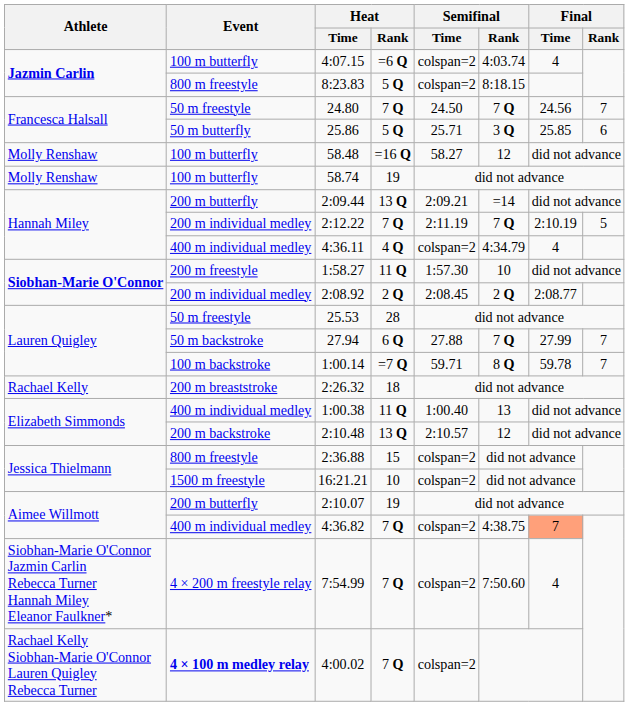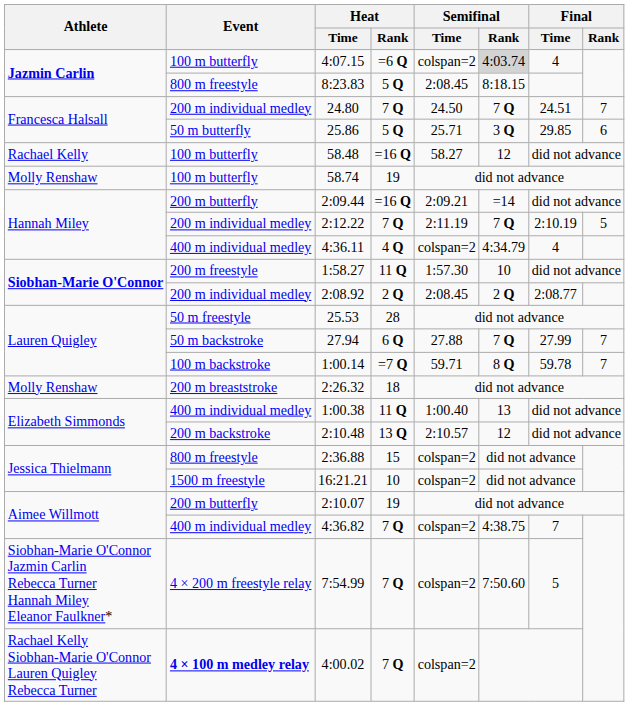 <table class=wikitable style="font-size:90%">
 <tr>
 <th rowspan="2">Athlete</th>
 <th rowspan="2">Event</th>
 <th colspan="2">Heat</th>
 <th colspan="2">Semifinal</th>
 <th colspan="2">Final</th>
 </tr>
 <tr style="font-size:95%">
 <th>Time</th>
 <th>Rank</th>
 <th>Time</th>
 <th>Rank</th>
 <th>Time</th>
 <th>Rank</th>
 </tr>
 <tr align=center>
 <td align=left rowspan=2><strong><a href='#'>Jazmin Carlin</a></strong></td>
 <td align=left><a href='#'>100 m butterfly</a></td>
 <td>4:07.15</td>
 <td>=6 <strong>Q</strong></td>
 <td>colspan=2 </td>
-<td>4:03.74</td>
+<td style="background: lightgrey;">4:03.74</td>
 <td>4</td>
 </tr>
 <tr align=center>
 <td align=left><a href='#'>800 m freestyle</a></td>
 <td>8:23.83</td>
 <td>5 <strong>Q</strong></td>
-<td>colspan=2 </td>
+<td>2:08.45</td>
 <td>8:18.15</td>
 <td></td>
 </tr>
 <tr align=center>
 <td align=left rowspan=2><a href='#'>Francesca Halsall</a></td>
-<td align=left><a href='#'>50 m freestyle</a></td>
+<td align=left><a href='#'>200 m individual medley</a></td>
 <td>24.80</td>
 <td>7 <strong>Q</strong></td>
 <td>24.50</td>
 <td>7 <strong>Q</strong></td>
-<td>24.56</td>
+<td>24.51</td>
 <td>7</td>
 </tr>
 <tr align=center>
 <td align=left><a href='#'>50 m butterfly</a></td>
 <td>25.86</td>
 <td>5 <strong>Q</strong></td>
 <td>25.71</td>
 <td>3 <strong>Q</strong></td>
-<td>25.85</td>
+<td>29.85</td>
 <td>6</td>
 </tr>
 <tr align=center>
-<td align=left><a href='#'>Molly Renshaw</a></td>
+<td align=left><a href='#'>Rachael Kelly</a></td>
 <td align=left><a href='#'>100 m butterfly</a></td>
 <td>58.48</td>
 <td>=16 <strong>Q</strong></td>
 <td>58.27</td>
 <td>12</td>
 <td colspan=2>did not advance</td>
 </tr>
 <tr align=center>
 <td align=left><a href='#'>Molly Renshaw</a></td>
 <td align=left><a href='#'>100 m butterfly</a></td>
 <td>58.74</td>
 <td>19</td>
 <td colspan=4>did not advance</td>
 </tr>
 <tr align=center>
 <td align=left rowspan=3><a href='#'>Hannah Miley</a></td>
 <td align=left><a href='#'>200 m butterfly</a></td>
 <td>2:09.44</td>
-<td>13 <strong>Q</strong></td>
+<td>=16 <strong>Q</strong></td>
 <td>2:09.21</td>
 <td>=14</td>
 <td colspan="2">did not advance</td>
 </tr>
 <tr align=center>
 <td align=left><a href='#'>200 m individual medley</a></td>
 <td>2:12.22</td>
 <td>7 <strong>Q</strong></td>
 <td>2:11.19</td>
 <td>7 <strong>Q</strong></td>
 <td>2:10.19</td>
 <td>5</td>
 </tr>
 <tr align=center>
 <td align=left><a href='#'>400 m individual medley</a></td>
 <td>4:36.11</td>
 <td>4 <strong>Q</strong></td>
 <td>colspan=2 </td>
 <td>4:34.79</td>
 <td>4</td>
 </tr>
 <tr align=center>
 <td align=left rowspan=2><strong><a href='#'>Siobhan-Marie O'Connor</a></strong></td>
 <td align=left><a href='#'>200 m freestyle</a></td>
 <td>1:58.27</td>
 <td>11 <strong>Q</strong></td>
 <td>1:57.30</td>
 <td>10</td>
 <td colspan=2>did not advance</td>
 </tr>
 <tr align=center>
 <td align=left><a href='#'>200 m individual medley</a></td>
 <td>2:08.92</td>
 <td>2 <strong>Q</strong></td>
 <td>2:08.45</td>
 <td>2 <strong>Q</strong></td>
 <td>2:08.77</td>
 <td></td>
 </tr>
 <tr align=center>
 <td align=left rowspan=3><a href='#'>Lauren Quigley</a></td>
 <td align=left><a href='#'>50 m freestyle</a></td>
 <td>25.53</td>
 <td>28</td>
 <td colspan="4">did not advance</td>
 </tr>
 <tr align=center>
 <td align=left><a href='#'>50 m backstroke</a></td>
 <td>27.94</td>
 <td>6 <strong>Q</strong></td>
 <td>27.88</td>
 <td>7 <strong>Q</strong></td>
 <td>27.99</td>
 <td>7</td>
 </tr>
 <tr align=center>
 <td align=left><a href='#'>100 m backstroke</a></td>
 <td>1:00.14</td>
 <td>=7 <strong>Q</strong></td>
 <td>59.71</td>
 <td>8 <strong>Q</strong></td>
 <td>59.78</td>
 <td>7</td>
 </tr>
 <tr align=center>
-<td align=left><a href='#'>Rachael Kelly</a></td>
+<td align=left><a href='#'>Molly Renshaw</a></td>
 <td align=left><a href='#'>200 m breaststroke</a></td>
 <td>2:26.32</td>
 <td>18</td>
 <td colspan="4">did not advance</td>
 </tr>
 <tr align=center>
 <td align=left rowspan=2><a href='#'>Elizabeth Simmonds</a></td>
 <td align=left><a href='#'>400 m individual medley</a></td>
 <td>1:00.38</td>
 <td>11 <strong>Q</strong></td>
 <td>1:00.40</td>
 <td>13</td>
 <td colspan=2>did not advance</td>
 </tr>
 <tr align=center>
 <td align=left><a href='#'>200 m backstroke</a></td>
 <td>2:10.48</td>
 <td>13 <strong>Q</strong></td>
 <td>2:10.57</td>
 <td>12</td>
 <td colspan=2>did not advance</td>
 </tr>
 <tr align=center>
 <td align=left rowspan=2><a href='#'>Jessica Thielmann</a></td>
 <td align=left><a href='#'>800 m freestyle</a></td>
 <td>2:36.88</td>
 <td>15</td>
 <td>colspan=2 </td>
 <td colspan=2>did not advance</td>
 </tr>
 <tr align=center>
 <td align=left><a href='#'>1500 m freestyle</a></td>
 <td>16:21.21</td>
 <td>10</td>
 <td>colspan=2 </td>
 <td colspan=2>did not advance</td>
 </tr>
 <tr align=center>
 <td align=left rowspan=2><a href='#'>Aimee Willmott</a></td>
 <td align=left><a href='#'>200 m butterfly</a></td>
 <td>2:10.07</td>
 <td>19</td>
 <td colspan=4>did not advance</td>
 </tr>
 <tr align=center>
 <td align=left><a href='#'>400 m individual medley</a></td>
 <td>4:36.82</td>
 <td>7 <strong>Q</strong></td>
 <td>colspan=2 </td>
 <td>4:38.75</td>
-<td style="background: lightsalmon;">7</td>
+<td>7</td>
 </tr>
 <tr align=center>
 <td align=left><a href='#'>Siobhan-Marie O'Connor</a><br><a href='#'>Jazmin Carlin</a><br><a href='#'>Rebecca Turner</a><br><a href='#'>Hannah Miley</a><br><a href='#'>Eleanor Faulkner</a>*</td>
 <td align=left><a href='#'>4 × 200 m freestyle relay</a></td>
 <td>7:54.99</td>
 <td>7 <strong>Q</strong></td>
 <td>colspan=2 </td>
 <td>7:50.60</td>
-<td>4</td>
+<td>5</td>
 </tr>
 <tr align=center>
 <td align=left><a href='#'>Rachael Kelly</a><br><a href='#'>Siobhan-Marie O'Connor</a><br><a href='#'>Lauren Quigley</a><br><a href='#'>Rebecca Turner</a></td>
 <td align=left><strong><a href='#'>4 × 100 m medley relay</a></strong></td>
 <td>4:00.02</td>
 <td>7 <strong>Q</strong></td>
 <td>colspan=2 </td>
 <td colspan=2></td>
 </tr>
 </table>
